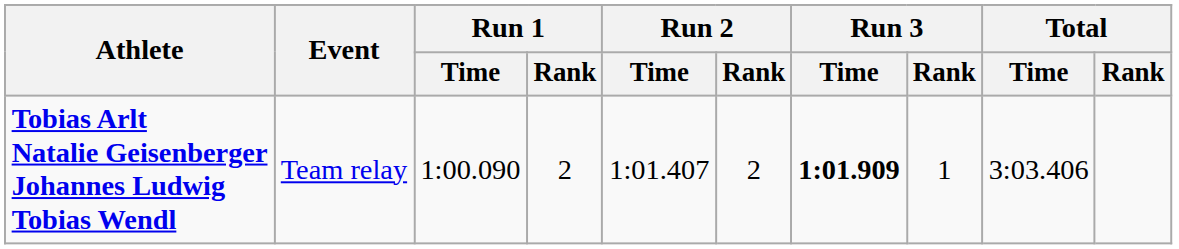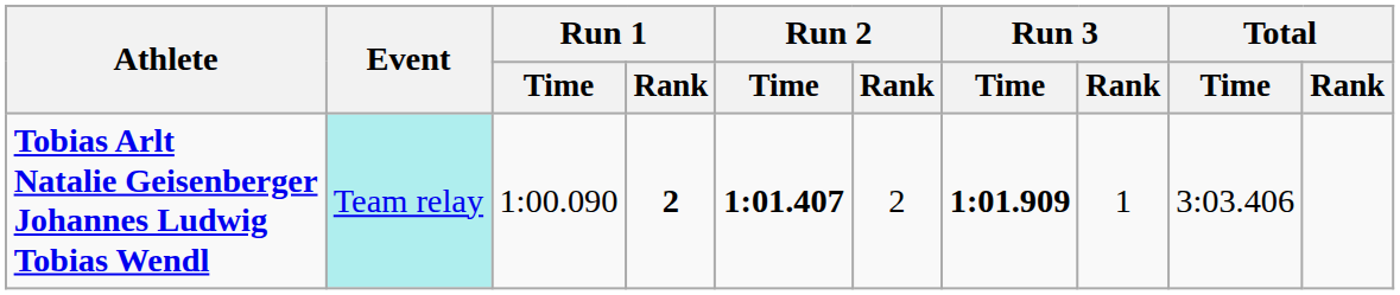 <table class="wikitable" style="font-size:90%">
 <tr>
 <th rowspan="2">Athlete</th>
 <th rowspan="2">Event</th>
 <th colspan=2>Run 1</th>
 <th colspan=2>Run 2</th>
 <th colspan=2>Run 3</th>
 <th colspan=2>Total</th>
 </tr>
 <tr style="font-size:95%">
 <th>Time</th>
 <th>Rank</th>
 <th>Time</th>
 <th>Rank</th>
 <th>Time</th>
 <th>Rank</th>
 <th>Time</th>
 <th>Rank</th>
 </tr>
 <tr align=center>
 <td align=left><strong><a href='#'>Tobias Arlt</a><br><a href='#'>Natalie Geisenberger</a><br><a href='#'>Johannes Ludwig</a><br><a href='#'>Tobias Wendl</a></strong></td>
-<td align=left><a href='#'>Team relay</a></td>
+<td align=left style="background: paleturquoise;"><a href='#'>Team relay</a></td>
 <td>1:00.090</td>
-<td>2</td>
-<td>1:01.407</td>
+<td><strong>2</strong></td>
+<td><strong>1:01.407</strong></td>
 <td>2</td>
 <td><strong>1:01.909</strong></td>
 <td>1</td>
 <td>3:03.406</td>
 <td></td>
 </tr>
 </table>
